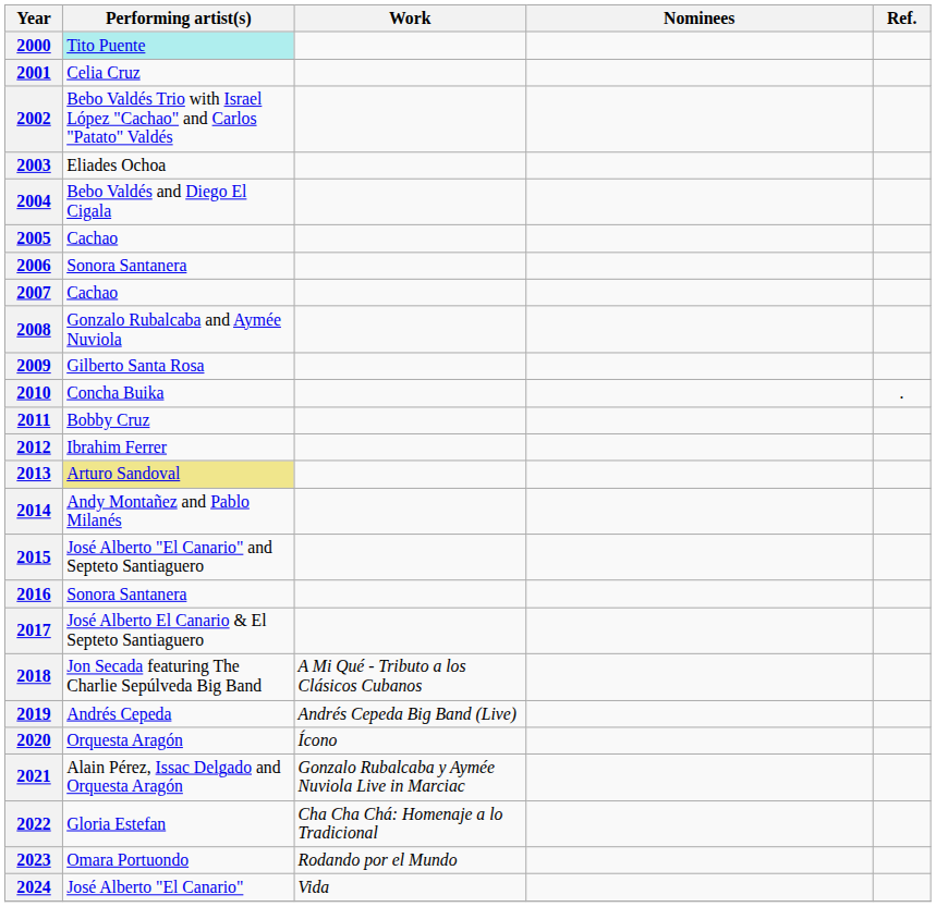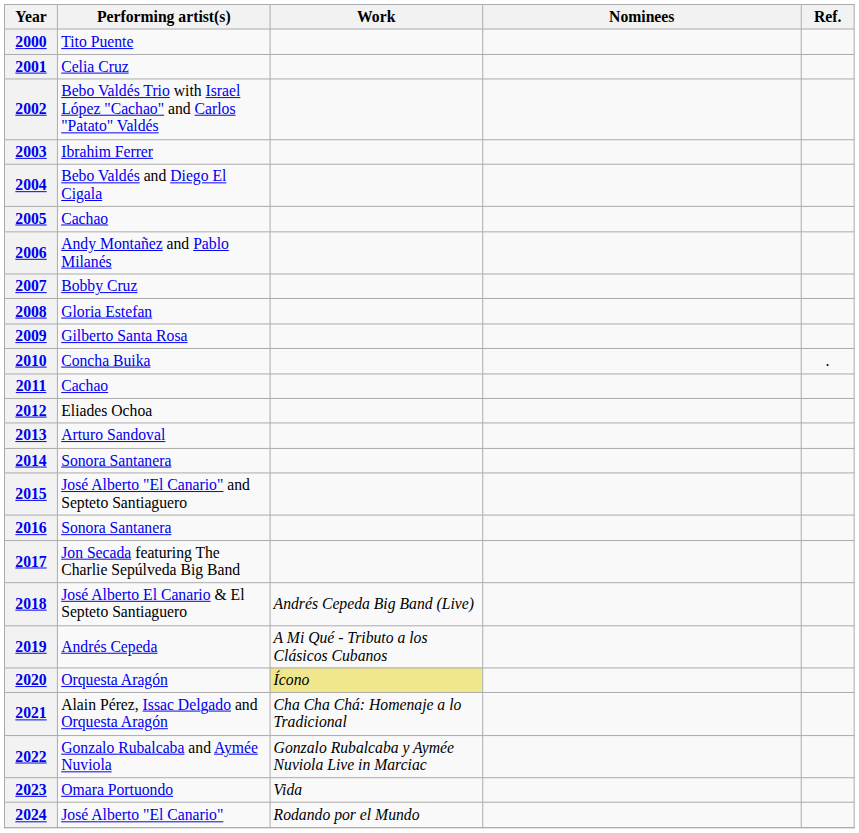 <table class="wikitable plainrowheaders sortable">
 <tr>
 <th scope="col" width="5%">Year</th>
 <th scope="col" width="20%">Performing artist(s)</th>
 <th scope="col" width="20%">Work</th>
 <th scope="col" class="unsortable" width="30%">Nominees</th>
 <th scope="col" class="unsortable" width="5%">Ref.</th>
 </tr>
 <tr>
 <th style="text-align:center;"><a href='#'>2000</a></th>
-<td style="background: paleturquoise;"> <a href='#'>Tito Puente</a></td>
+<td> <a href='#'>Tito Puente</a></td>
 <td></td>
 <td></td>
 <td style="text-align:center;"></td>
 </tr>
 <tr>
 <th style="text-align:center;"><a href='#'>2001</a></th>
 <td> <a href='#'>Celia Cruz</a></td>
 <td></td>
 <td></td>
 <td style="text-align:center;"></td>
 </tr>
 <tr>
 <th style="text-align:center;"><a href='#'>2002</a></th>
 <td> <a href='#'>Bebo Valdés Trio</a> with <a href='#'>Israel López "Cachao"</a> and <a href='#'>Carlos "Patato" Valdés</a></td>
 <td></td>
 <td></td>
 <td style="text-align:center;"></td>
 </tr>
 <tr>
 <th style="text-align:center;"><a href='#'>2003</a></th>
-<td> Eliades Ochoa</td>
+<td> <a href='#'>Ibrahim Ferrer</a></td>
 <td></td>
 <td></td>
 <td style="text-align:center;"></td>
 </tr>
 <tr>
 <th style="text-align:center;"><a href='#'>2004</a></th>
 <td> <a href='#'>Bebo Valdés</a> and  <a href='#'>Diego El Cigala</a></td>
 <td></td>
 <td></td>
 <td style="text-align:center;"></td>
 </tr>
 <tr>
 <th style="text-align:center;"><a href='#'>2005</a></th>
 <td> <a href='#'>Cachao</a></td>
 <td></td>
 <td></td>
 <td style="text-align:center;"></td>
 </tr>
 <tr>
 <th style="text-align:center;"><a href='#'>2006</a></th>
-<td> <a href='#'>Sonora Santanera</a></td>
+<td> <a href='#'>Andy Montañez</a> and  <a href='#'>Pablo Milanés</a></td>
 <td></td>
 <td></td>
 <td style="text-align:center;"></td>
 </tr>
 <tr>
 <th style="text-align:center;"><a href='#'>2007</a></th>
-<td> <a href='#'>Cachao</a></td>
+<td> <a href='#'>Bobby Cruz</a></td>
 <td></td>
 <td></td>
 <td style="text-align:center;"></td>
 </tr>
 <tr>
 <th style="text-align:center;"><a href='#'>2008</a></th>
-<td> <a href='#'>Gonzalo Rubalcaba</a> and <a href='#'>Aymée Nuviola</a></td>
+<td> <a href='#'>Gloria Estefan</a></td>
 <td></td>
 <td></td>
 <td style="text-align:center;"></td>
 </tr>
 <tr>
 <th style="text-align:center;"><a href='#'>2009</a></th>
 <td> <a href='#'>Gilberto Santa Rosa</a></td>
 <td></td>
 <td></td>
 <td style="text-align:center;"></td>
 </tr>
 <tr>
 <th style="text-align:center;"><a href='#'>2010</a></th>
 <td> <a href='#'>Concha Buika</a></td>
 <td></td>
 <td></td>
 <td style="text-align:center;">.</td>
 </tr>
 <tr>
 <th style="text-align:center;"><a href='#'>2011</a></th>
-<td> <a href='#'>Bobby Cruz</a></td>
+<td> <a href='#'>Cachao</a></td>
 <td></td>
 <td></td>
 <td style="text-align:center;"></td>
 </tr>
 <tr>
 <th style="text-align:center;"><a href='#'>2012</a></th>
-<td> <a href='#'>Ibrahim Ferrer</a></td>
+<td> Eliades Ochoa</td>
 <td></td>
 <td></td>
 <td></td>
 </tr>
 <tr>
 <th style="text-align:center;"><a href='#'>2013</a></th>
-<td style="background: khaki;"> <a href='#'>Arturo Sandoval</a></td>
+<td> <a href='#'>Arturo Sandoval</a></td>
 <td></td>
 <td></td>
 <td></td>
 </tr>
 <tr>
 <th style="text-align:center;"><a href='#'>2014</a></th>
-<td> <a href='#'>Andy Montañez</a> and  <a href='#'>Pablo Milanés</a></td>
+<td> <a href='#'>Sonora Santanera</a></td>
 <td></td>
 <td></td>
 <td></td>
 </tr>
 <tr>
 <th style="text-align:center;"><a href='#'>2015</a></th>
 <td> <a href='#'>José Alberto "El Canario"</a> and Septeto Santiaguero</td>
 <td></td>
 <td></td>
 <td></td>
 </tr>
 <tr>
 <th style="text-align:center;"><a href='#'>2016</a></th>
 <td> <a href='#'>Sonora Santanera</a></td>
 <td></td>
 <td></td>
 <td></td>
 </tr>
 <tr>
 <th style="text-align:center;"><a href='#'>2017</a></th>
-<td> <a href='#'>José Alberto El Canario</a> & El Septeto Santiaguero</td>
+<td> <a href='#'>Jon Secada</a> featuring The Charlie Sepúlveda Big Band</td>
 <td></td>
 <td></td>
 <td></td>
 </tr>
 <tr>
 <th style="text-align:center;"><a href='#'>2018</a></th>
-<td> <a href='#'>Jon Secada</a> featuring The Charlie Sepúlveda Big Band</td>
-<td><em>A Mi Qué - Tributo a los Clásicos Cubanos</em></td>
+<td> <a href='#'>José Alberto El Canario</a> & El Septeto Santiaguero</td>
+<td><em>Andrés Cepeda Big Band (Live)</em></td>
 <td></td>
 <td></td>
 </tr>
 <tr>
 <th style="text-align:center;"><a href='#'>2019</a></th>
 <td> <a href='#'>Andrés Cepeda</a></td>
-<td><em>Andrés Cepeda Big Band (Live)</em></td>
+<td><em>A Mi Qué - Tributo a los Clásicos Cubanos</em></td>
 <td></td>
 <td></td>
 </tr>
 <tr>
 <th style="text-align:center;"><a href='#'>2020</a></th>
 <td> <a href='#'>Orquesta Aragón</a></td>
-<td><em>Ícono</em></td>
+<td style="background: khaki;"><em>Ícono</em></td>
 <td></td>
 <td></td>
 </tr>
 <tr>
 <th style="text-align:center;"><a href='#'>2021</a></th>
 <td> Alain Pérez, <a href='#'>Issac Delgado</a> and <a href='#'>Orquesta Aragón</a></td>
-<td><em>Gonzalo Rubalcaba y Aymée Nuviola Live in Marciac</em></td>
+<td><em>Cha Cha Chá: Homenaje a lo Tradicional</em></td>
 <td></td>
 <td></td>
 </tr>
 <tr>
 <th style="text-align:center;" scope="row"><a href='#'><strong>2022</strong></a></th>
-<td> <a href='#'>Gloria Estefan</a></td>
-<td><em>Cha Cha Chá: Homenaje a lo Tradicional</em></td>
+<td> <a href='#'>Gonzalo Rubalcaba</a> and <a href='#'>Aymée Nuviola</a></td>
+<td><em>Gonzalo Rubalcaba y Aymée Nuviola Live in Marciac</em></td>
 <td></td>
 <td></td>
 </tr>
 <tr>
 <th style="text-align:center;" scope="row"><a href='#'><strong>2023</strong></a></th>
 <td> <a href='#'>Omara Portuondo</a></td>
-<td><em>Rodando por el Mundo</em></td>
+<td><em>Vida</em></td>
 <td></td>
 <td style="text-align:center;"></td>
 </tr>
 <tr>
 <th style="text-align:center;" scope="row"><a href='#'><strong>2024</strong></a></th>
 <td><a href='#'>José Alberto "El Canario"</a></td>
-<td><em>Vida</em></td>
+<td><em>Rodando por el Mundo</em></td>
 <td></td>
 <td align="center"></td>
 </tr>
 <tr>
 </tr>
 </table>
